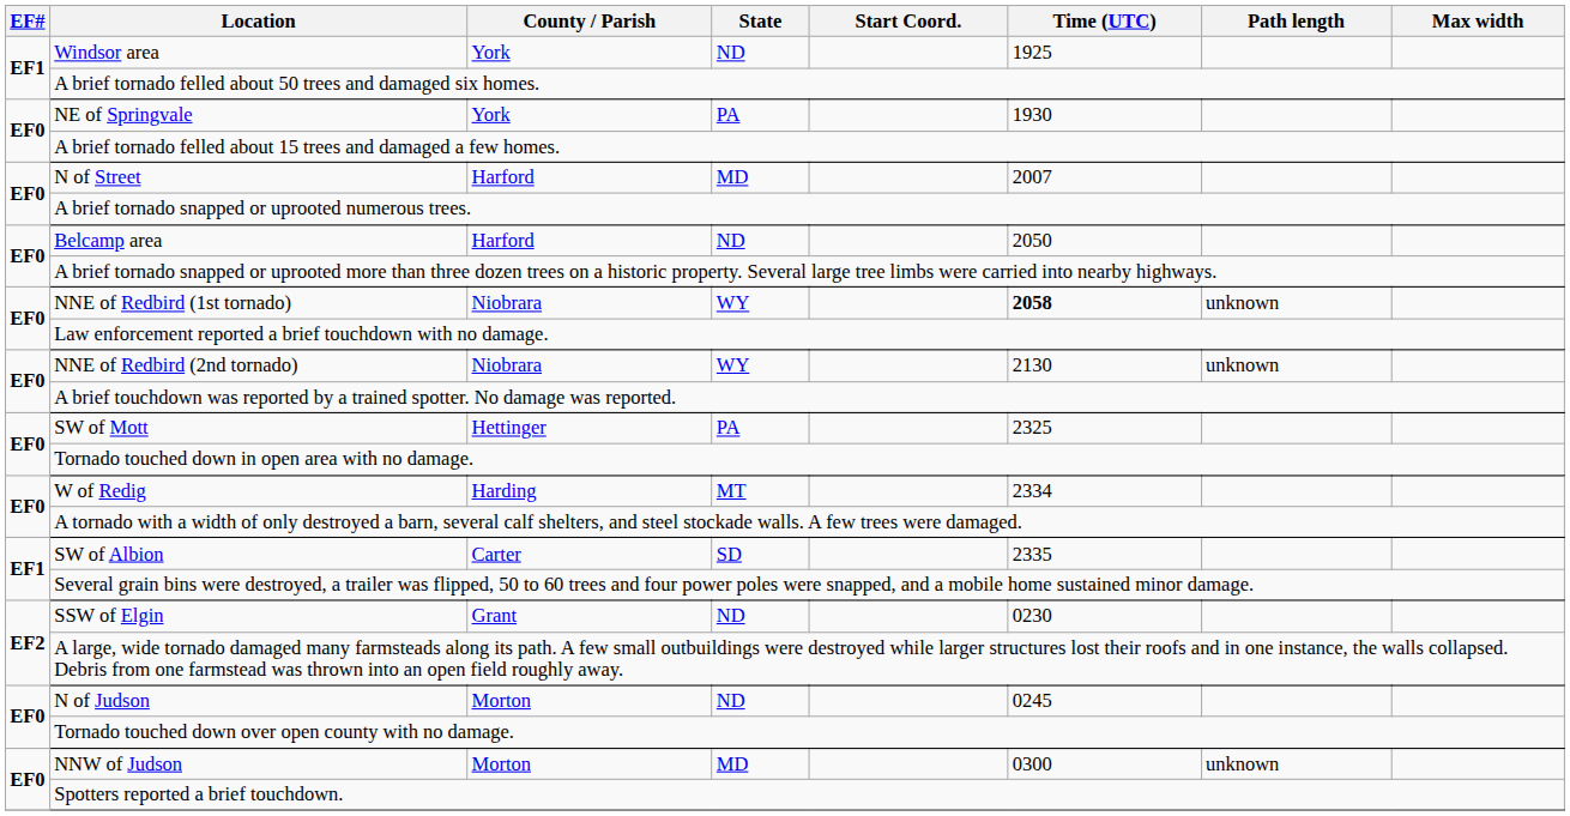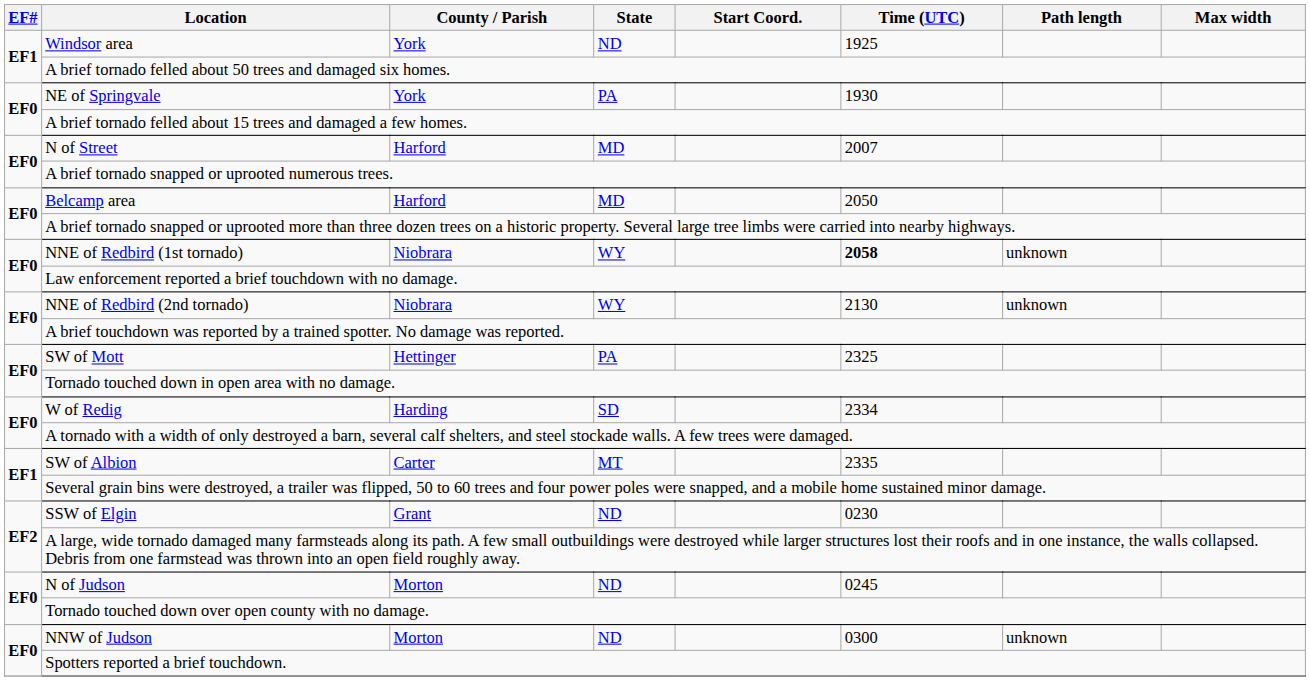 <table class="wikitable sortable" style="width:100%;">
 <tr>
 <th scope="col" width="2%" align="center"><a href='#'>EF#</a></th>
 <th scope="col" align="center" class="unsortable">Location</th>
 <th scope="col" align="center" class="unsortable">County / Parish</th>
 <th scope="col" align="center">State</th>
 <th scope="col" align="center" data-sort-type="number">Start Coord.</th>
 <th scope="col" align="center" data-sort-type="number">Time (<a href='#'>UTC</a>)</th>
 <th scope="col" align="center" data-sort-type="number">Path length</th>
 <th scope="col" align="center" data-sort-type="number">Max width</th>
 </tr>
 <tr>
 <td rowspan="2" align="center"><strong>EF1</strong></td>
 <td><a href='#'>Windsor</a> area</td>
 <td><a href='#'>York</a></td>
 <td><a href='#'>ND</a></td>
 <td></td>
 <td>1925</td>
 <td></td>
 <td></td>
 </tr>
 <tr class="expand-child">
 <td colspan="8" style=" border-bottom: 1px solid black;">A brief tornado felled about 50 trees and damaged six homes.</td>
 </tr>
 <tr>
 <td rowspan="2" align="center"><strong>EF0</strong></td>
 <td>NE of <a href='#'>Springvale</a></td>
 <td><a href='#'>York</a></td>
 <td><a href='#'>PA</a></td>
 <td></td>
 <td>1930</td>
 <td></td>
 <td></td>
 </tr>
 <tr class="expand-child">
 <td colspan="8" style=" border-bottom: 1px solid black;">A brief tornado felled about 15 trees and damaged a few homes.</td>
 </tr>
 <tr>
 <td rowspan="2" align="center"><strong>EF0</strong></td>
 <td>N of <a href='#'>Street</a></td>
 <td><a href='#'>Harford</a></td>
 <td><a href='#'>MD</a></td>
 <td></td>
 <td>2007</td>
 <td></td>
 <td></td>
 </tr>
 <tr class="expand-child">
 <td colspan="8" style=" border-bottom: 1px solid black;">A brief tornado snapped or uprooted numerous trees.</td>
 </tr>
 <tr>
 <td rowspan="2" align="center"><strong>EF0</strong></td>
 <td><a href='#'>Belcamp</a> area</td>
 <td><a href='#'>Harford</a></td>
-<td><a href='#'>ND</a></td>
+<td><a href='#'>MD</a></td>
 <td></td>
 <td>2050</td>
 <td></td>
 <td></td>
 </tr>
 <tr class="expand-child">
 <td colspan="8" style=" border-bottom: 1px solid black;">A brief tornado snapped or uprooted more than three dozen trees on a historic property. Several large tree limbs were carried into nearby highways.</td>
 </tr>
 <tr>
 <td rowspan="2" align="center"><strong>EF0</strong></td>
 <td>NNE of <a href='#'>Redbird</a> (1st tornado)</td>
 <td><a href='#'>Niobrara</a></td>
 <td><a href='#'>WY</a></td>
 <td></td>
 <td><strong>2058</strong></td>
 <td>unknown</td>
 <td></td>
 </tr>
 <tr class="expand-child">
 <td colspan="8" style=" border-bottom: 1px solid black;">Law enforcement reported a brief touchdown with no damage.</td>
 </tr>
 <tr>
 <td rowspan="2" align="center"><strong>EF0</strong></td>
 <td>NNE of <a href='#'>Redbird</a> (2nd tornado)</td>
 <td><a href='#'>Niobrara</a></td>
 <td><a href='#'>WY</a></td>
 <td></td>
 <td>2130</td>
 <td>unknown</td>
 <td></td>
 </tr>
 <tr class="expand-child">
 <td colspan="8" style=" border-bottom: 1px solid black;">A brief touchdown was reported by a trained spotter. No damage was reported.</td>
 </tr>
 <tr>
 <td rowspan="2" align="center"><strong>EF0</strong></td>
 <td>SW of <a href='#'>Mott</a></td>
 <td><a href='#'>Hettinger</a></td>
 <td><a href='#'>PA</a></td>
 <td></td>
 <td>2325</td>
 <td></td>
 <td></td>
 </tr>
 <tr class="expand-child">
 <td colspan="8" style=" border-bottom: 1px solid black;">Tornado touched down in open area with no damage.</td>
 </tr>
 <tr>
 <td rowspan="2" align="center"><strong>EF0</strong></td>
 <td>W of <a href='#'>Redig</a></td>
 <td><a href='#'>Harding</a></td>
-<td><a href='#'>MT</a></td>
+<td><a href='#'>SD</a></td>
 <td></td>
 <td>2334</td>
 <td></td>
 <td></td>
 </tr>
 <tr class="expand-child">
 <td colspan="8" style=" border-bottom: 1px solid black;">A tornado with a width of only  destroyed a barn, several calf shelters, and steel stockade walls. A few trees were damaged.</td>
 </tr>
 <tr>
 <td rowspan="2" align="center"><strong>EF1</strong></td>
 <td>SW of <a href='#'>Albion</a></td>
 <td><a href='#'>Carter</a></td>
-<td><a href='#'>SD</a></td>
+<td><a href='#'>MT</a></td>
 <td></td>
 <td>2335</td>
 <td></td>
 <td></td>
 </tr>
 <tr class="expand-child">
 <td colspan="8" style=" border-bottom: 1px solid black;">Several grain bins were destroyed, a trailer was flipped, 50 to 60 trees and four power poles were snapped, and a mobile home sustained minor damage.</td>
 </tr>
 <tr>
 <td rowspan="2" align="center"><strong>EF2</strong></td>
 <td>SSW of <a href='#'>Elgin</a></td>
 <td><a href='#'>Grant</a></td>
 <td><a href='#'>ND</a></td>
 <td></td>
 <td>0230</td>
 <td></td>
 <td></td>
 </tr>
 <tr class="expand-child">
 <td colspan="8" style=" border-bottom: 1px solid black;">A large,  wide tornado damaged many farmsteads along its path. A few small outbuildings were destroyed while larger structures lost their roofs and in one instance, the walls collapsed. Debris from one farmstead was thrown into an open field roughly  away.</td>
 </tr>
 <tr>
 <td rowspan="2" align="center"><strong>EF0</strong></td>
 <td>N of <a href='#'>Judson</a></td>
 <td><a href='#'>Morton</a></td>
 <td><a href='#'>ND</a></td>
 <td></td>
 <td>0245</td>
 <td></td>
 <td></td>
 </tr>
 <tr class="expand-child">
 <td colspan="8" style=" border-bottom: 1px solid black;">Tornado touched down over open county with no damage.</td>
 </tr>
 <tr>
 <td rowspan="2" align="center"><strong>EF0</strong></td>
 <td>NNW of <a href='#'>Judson</a></td>
 <td><a href='#'>Morton</a></td>
-<td><a href='#'>MD</a></td>
+<td><a href='#'>ND</a></td>
 <td></td>
 <td>0300</td>
 <td>unknown</td>
 <td></td>
 </tr>
 <tr class="expand-child">
 <td colspan="8" style=" border-bottom: 1px solid black;">Spotters reported a brief touchdown.</td>
 </tr>
 <tr>
 </tr>
 </table>
